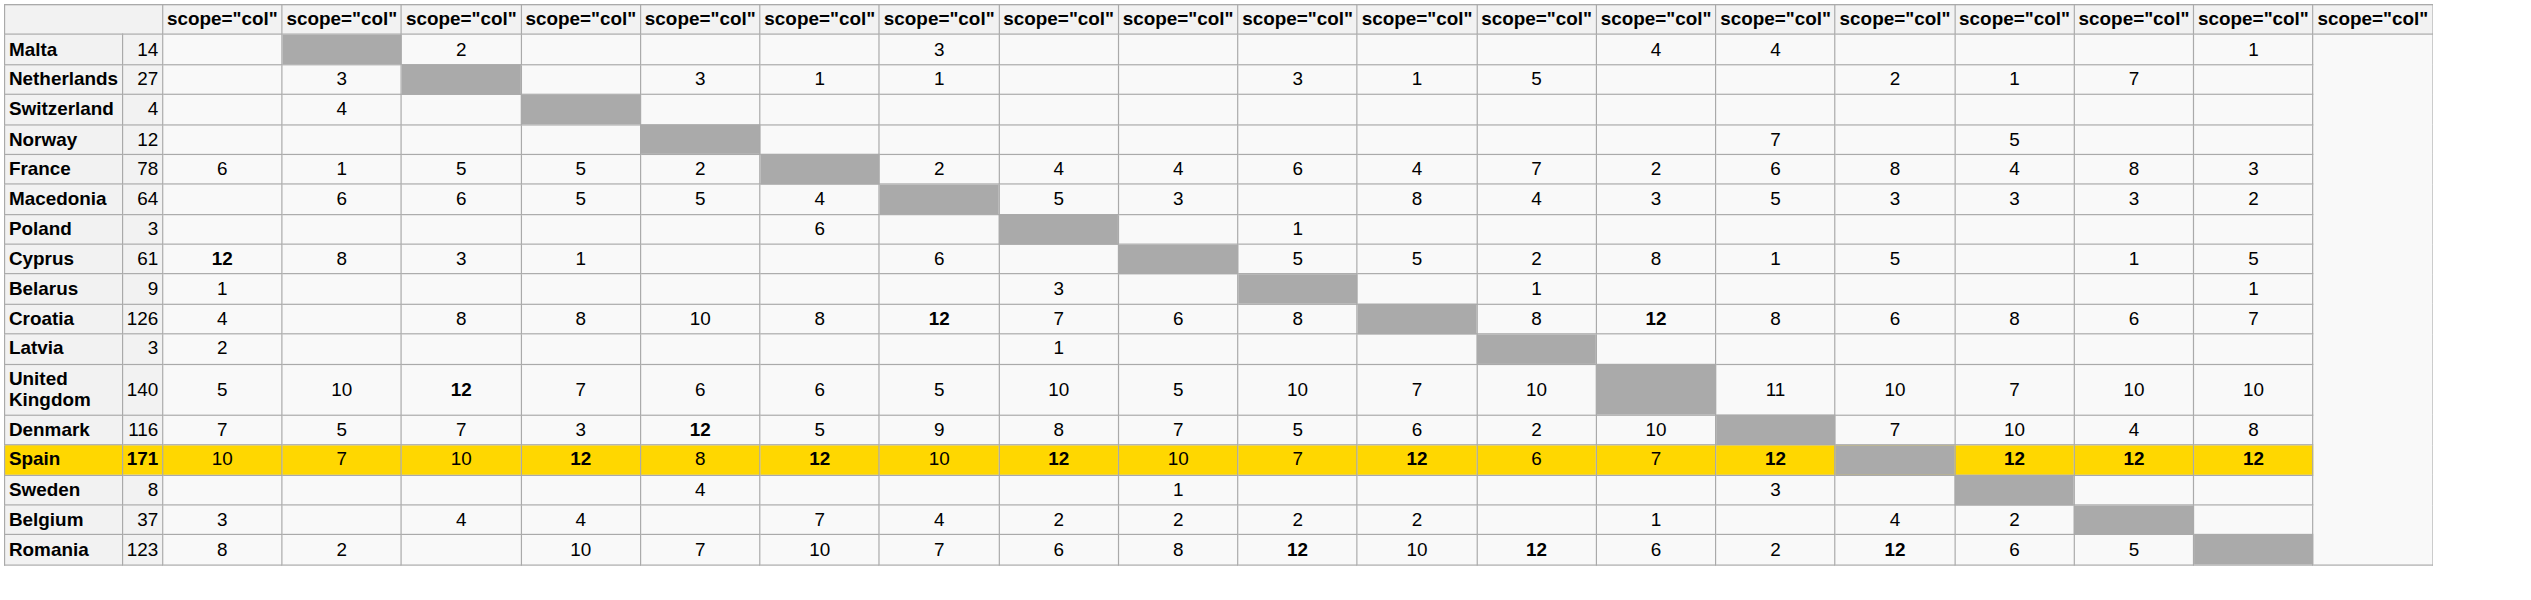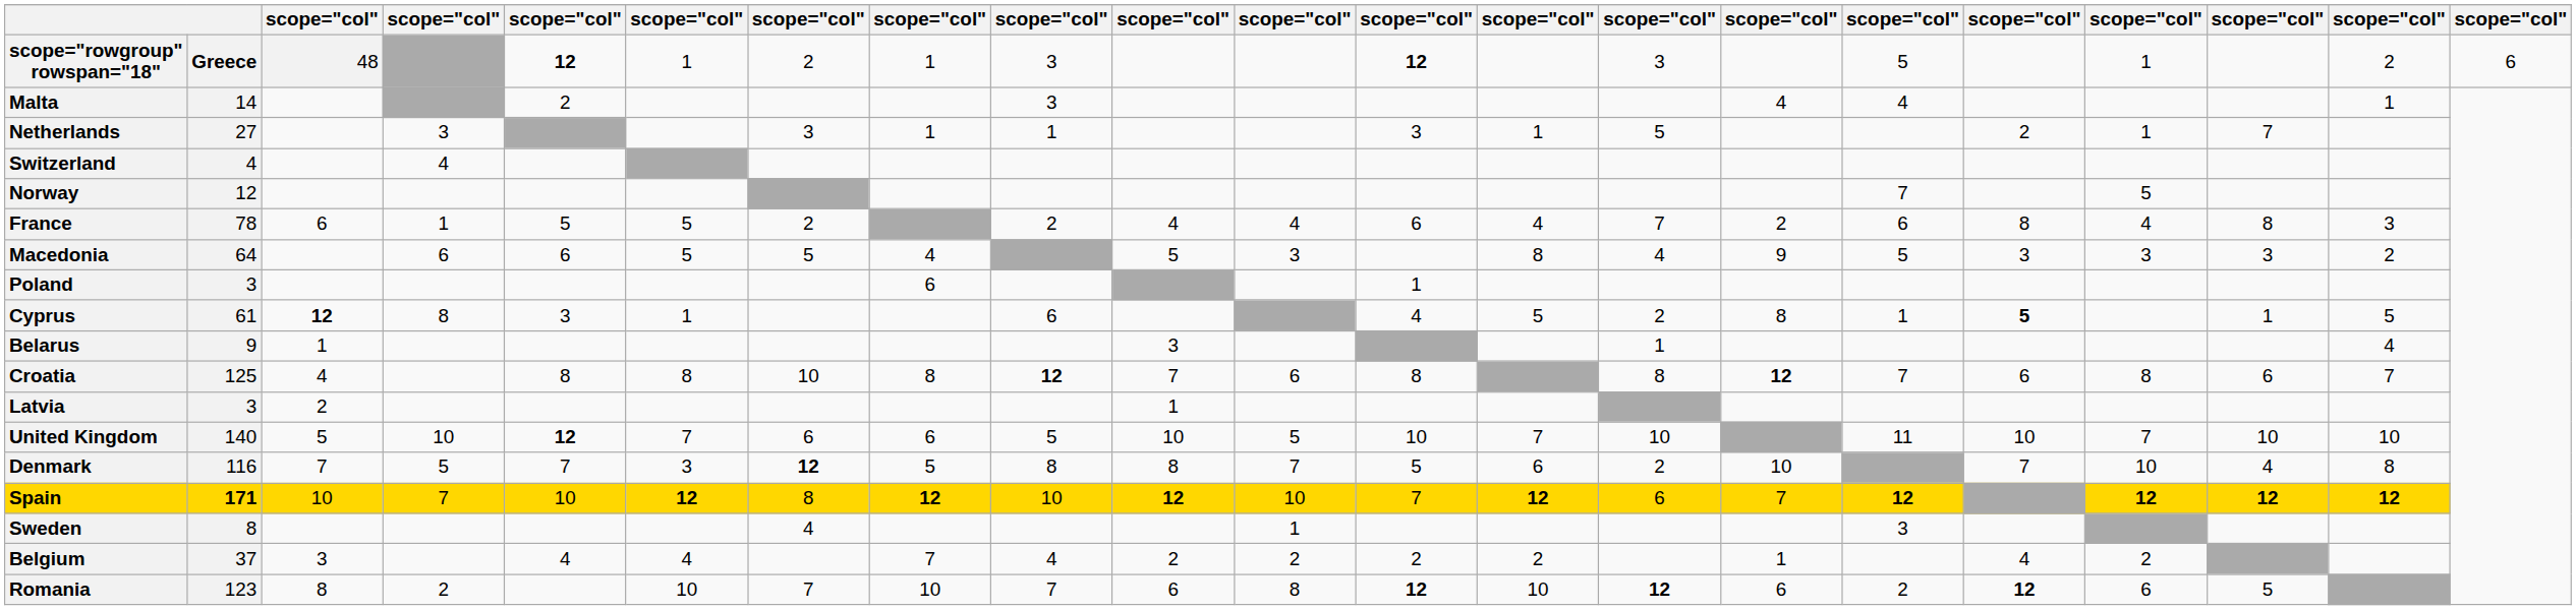 <table class="wikitable plainrowheaders" style="text-align:center;">
 <tr>
 </tr>
 <tr>
 <th colspan="2"></th>
 <th>scope="col" </th>
 <th>scope="col" </th>
 <th>scope="col" </th>
 <th>scope="col" </th>
 <th>scope="col" </th>
 <th>scope="col" </th>
 <th>scope="col" </th>
 <th>scope="col" </th>
 <th>scope="col" </th>
 <th>scope="col" </th>
 <th>scope="col" </th>
 <th>scope="col" </th>
 <th>scope="col" </th>
 <th>scope="col" </th>
 <th>scope="col" </th>
 <th>scope="col" </th>
 <th>scope="col" </th>
 <th>scope="col" </th>
 <th>scope="col" </th>
+</tr>
+<tr>
+<th>scope="rowgroup" rowspan="18" </th>
+<th scope="row" style="text-align:left; background:#f2f2f2;">Greece</th>
+<td style="text-align:right; background:#f2f2f2;">48</td>
+<td style="text-align:left; background:#aaa;"></td>
+<td><strong>12</strong></td>
+<td>1</td>
+<td>2</td>
+<td>1</td>
+<td>3</td>
+<td></td>
+<td></td>
+<td><strong>12</strong></td>
+<td></td>
+<td>3</td>
+<td></td>
+<td>5</td>
+<td></td>
+<td>1</td>
+<td></td>
+<td>2</td>
+<td>6</td>
 </tr>
 <tr>
 <th scope="row" style="text-align:left; background:#f2f2f2;">Malta</th>
 <td style="text-align:right; background:#f2f2f2;">14</td>
 <td></td>
 <td style="text-align:left; background:#aaa;"></td>
 <td>2</td>
 <td></td>
 <td></td>
 <td></td>
 <td>3</td>
 <td></td>
 <td></td>
 <td></td>
 <td></td>
 <td></td>
 <td>4</td>
 <td>4</td>
 <td></td>
 <td></td>
 <td></td>
 <td>1</td>
 </tr>
 <tr>
 <th scope="row" style="text-align:left; background:#f2f2f2;">Netherlands</th>
 <td style="text-align:right; background:#f2f2f2;">27</td>
 <td></td>
 <td>3</td>
 <td style="text-align:left; background:#aaa;"></td>
 <td></td>
 <td>3</td>
 <td>1</td>
 <td>1</td>
 <td></td>
 <td></td>
 <td>3</td>
 <td>1</td>
 <td>5</td>
 <td></td>
 <td></td>
 <td>2</td>
 <td>1</td>
 <td>7</td>
 <td></td>
 </tr>
 <tr>
 <th scope="row" style="text-align:left; background:#f2f2f2;">Switzerland</th>
 <td style="text-align:right; background:#f2f2f2;">4</td>
 <td></td>
 <td>4</td>
 <td></td>
 <td style="text-align:left; background:#aaa;"></td>
 <td></td>
 <td></td>
 <td></td>
 <td></td>
 <td></td>
 <td></td>
 <td></td>
 <td></td>
 <td></td>
 <td></td>
 <td></td>
 <td></td>
 <td></td>
 <td></td>
 </tr>
 <tr>
 <th scope="row" style="text-align:left; background:#f2f2f2;">Norway</th>
 <td style="text-align:right; background:#f2f2f2;">12</td>
 <td></td>
 <td></td>
 <td></td>
 <td></td>
 <td style="text-align:left; background:#aaa;"></td>
 <td></td>
 <td></td>
 <td></td>
 <td></td>
 <td></td>
 <td></td>
 <td></td>
 <td></td>
 <td>7</td>
 <td></td>
 <td>5</td>
 <td></td>
 <td></td>
 </tr>
 <tr>
 <th scope="row" style="text-align:left; background:#f2f2f2;">France</th>
 <td style="text-align:right; background:#f2f2f2;">78</td>
 <td>6</td>
 <td>1</td>
 <td>5</td>
 <td>5</td>
 <td>2</td>
 <td style="text-align:left; background:#aaa;"></td>
 <td>2</td>
 <td>4</td>
 <td>4</td>
 <td>6</td>
 <td>4</td>
 <td>7</td>
 <td>2</td>
 <td>6</td>
 <td>8</td>
 <td>4</td>
 <td>8</td>
 <td>3</td>
 </tr>
 <tr>
 <th scope="row" style="text-align:left; background:#f2f2f2;">Macedonia</th>
 <td style="text-align:right; background:#f2f2f2;">64</td>
 <td></td>
 <td>6</td>
 <td>6</td>
 <td>5</td>
 <td>5</td>
 <td>4</td>
 <td style="text-align:left; background:#aaa;"></td>
 <td>5</td>
 <td>3</td>
 <td></td>
 <td>8</td>
 <td>4</td>
-<td>3</td>
+<td>9</td>
 <td>5</td>
 <td>3</td>
 <td>3</td>
 <td>3</td>
 <td>2</td>
 </tr>
 <tr>
 <th scope="row" style="text-align:left; background:#f2f2f2;">Poland</th>
 <td style="text-align:right; background:#f2f2f2;">3</td>
 <td></td>
 <td></td>
 <td></td>
 <td></td>
 <td></td>
 <td>6</td>
 <td></td>
 <td style="text-align:left; background:#aaa;"></td>
 <td></td>
 <td>1</td>
 <td></td>
 <td></td>
 <td></td>
 <td></td>
 <td></td>
 <td></td>
 <td></td>
 <td></td>
 </tr>
 <tr>
 <th scope="row" style="text-align:left; background:#f2f2f2;">Cyprus</th>
 <td style="text-align:right; background:#f2f2f2;">61</td>
 <td><strong>12</strong></td>
 <td>8</td>
 <td>3</td>
 <td>1</td>
 <td></td>
 <td></td>
 <td>6</td>
 <td></td>
 <td style="text-align:left; background:#aaa;"></td>
-<td>5</td>
+<td>4</td>
 <td>5</td>
 <td>2</td>
 <td>8</td>
 <td>1</td>
-<td>5</td>
+<td><strong>5</strong></td>
 <td></td>
 <td>1</td>
 <td>5</td>
 </tr>
 <tr>
 <th scope="row" style="text-align:left; background:#f2f2f2;">Belarus</th>
 <td style="text-align:right; background:#f2f2f2;">9</td>
 <td>1</td>
 <td></td>
 <td></td>
 <td></td>
 <td></td>
 <td></td>
 <td></td>
 <td>3</td>
 <td></td>
 <td style="text-align:left; background:#aaa;"></td>
 <td></td>
 <td>1</td>
 <td></td>
 <td></td>
 <td></td>
 <td></td>
 <td></td>
-<td>1</td>
+<td>4</td>
 </tr>
 <tr>
 <th scope="row" style="text-align:left; background:#f2f2f2;">Croatia</th>
-<td style="text-align:right; background:#f2f2f2;">126</td>
+<td style="text-align:right; background:#f2f2f2;">125</td>
 <td>4</td>
 <td></td>
 <td>8</td>
 <td>8</td>
 <td>10</td>
 <td>8</td>
 <td><strong>12</strong></td>
 <td>7</td>
 <td>6</td>
 <td>8</td>
 <td style="text-align:left; background:#aaa;"></td>
 <td>8</td>
 <td><strong>12</strong></td>
-<td>8</td>
+<td>7</td>
 <td>6</td>
 <td>8</td>
 <td>6</td>
 <td>7</td>
 </tr>
 <tr>
 <th scope="row" style="text-align:left; background:#f2f2f2;">Latvia</th>
 <td style="text-align:right; background:#f2f2f2;">3</td>
 <td>2</td>
 <td></td>
 <td></td>
 <td></td>
 <td></td>
 <td></td>
 <td></td>
 <td>1</td>
 <td></td>
 <td></td>
 <td></td>
 <td style="text-align:left; background:#aaa;"></td>
 <td></td>
 <td></td>
 <td></td>
 <td></td>
 <td></td>
 <td></td>
 </tr>
 <tr>
 <th scope="row" style="text-align:left; background:#f2f2f2;">United Kingdom</th>
 <td style="text-align:right; background:#f2f2f2;">140</td>
 <td>5</td>
 <td>10</td>
 <td><strong>12</strong></td>
 <td>7</td>
 <td>6</td>
 <td>6</td>
 <td>5</td>
 <td>10</td>
 <td>5</td>
 <td>10</td>
 <td>7</td>
 <td>10</td>
 <td style="text-align:left; background:#aaa;"></td>
 <td>11</td>
 <td>10</td>
 <td>7</td>
 <td>10</td>
 <td>10</td>
 </tr>
 <tr>
 <th scope="row" style="text-align:left; background:#f2f2f2;">Denmark</th>
 <td style="text-align:right; background:#f2f2f2;">116</td>
 <td>7</td>
 <td>5</td>
 <td>7</td>
 <td>3</td>
 <td><strong>12</strong></td>
 <td>5</td>
-<td>9</td>
+<td>8</td>
 <td>8</td>
 <td>7</td>
 <td>5</td>
 <td>6</td>
 <td>2</td>
 <td>10</td>
 <td style="text-align:left; background:#aaa;"></td>
 <td>7</td>
 <td>10</td>
 <td>4</td>
 <td>8</td>
 </tr>
 <tr style="background:gold;">
 <th scope="row" style="text-align:left; font-weight:bold; background:gold;">Spain</th>
 <td style="text-align:right; font-weight:bold;">171</td>
 <td>10</td>
 <td>7</td>
 <td>10</td>
 <td><strong>12</strong></td>
 <td>8</td>
 <td><strong>12</strong></td>
 <td>10</td>
 <td><strong>12</strong></td>
 <td>10</td>
 <td>7</td>
 <td><strong>12</strong></td>
 <td>6</td>
 <td>7</td>
 <td><strong>12</strong></td>
 <td style="text-align:left; background:#aaa;"></td>
 <td><strong>12</strong></td>
 <td><strong>12</strong></td>
 <td><strong>12</strong></td>
 </tr>
 <tr>
 <th scope="row" style="text-align:left; background:#f2f2f2;">Sweden</th>
 <td style="text-align:right; background:#f2f2f2;">8</td>
 <td></td>
 <td></td>
 <td></td>
 <td></td>
 <td>4</td>
 <td></td>
 <td></td>
 <td></td>
 <td>1</td>
 <td></td>
 <td></td>
 <td></td>
 <td></td>
 <td>3</td>
 <td></td>
 <td style="text-align:left; background:#aaa;"></td>
 <td></td>
 <td></td>
 </tr>
 <tr>
 <th scope="row" style="text-align:left; background:#f2f2f2;">Belgium</th>
 <td style="text-align:right; background:#f2f2f2;">37</td>
 <td>3</td>
 <td></td>
 <td>4</td>
 <td>4</td>
 <td></td>
 <td>7</td>
 <td>4</td>
 <td>2</td>
 <td>2</td>
 <td>2</td>
 <td>2</td>
 <td></td>
 <td>1</td>
 <td></td>
 <td>4</td>
 <td>2</td>
 <td style="text-align:left; background:#aaa;"></td>
 <td></td>
 </tr>
 <tr>
 <th scope="row" style="text-align:left; background:#f2f2f2;">Romania</th>
 <td style="text-align:right; background:#f2f2f2;">123</td>
 <td>8</td>
 <td>2</td>
 <td></td>
 <td>10</td>
 <td>7</td>
 <td>10</td>
 <td>7</td>
 <td>6</td>
 <td>8</td>
 <td><strong>12</strong></td>
 <td>10</td>
 <td><strong>12</strong></td>
 <td>6</td>
 <td>2</td>
 <td><strong>12</strong></td>
 <td>6</td>
 <td>5</td>
 <td style="text-align:left; background:#aaa;"></td>
 </tr>
 </table>
